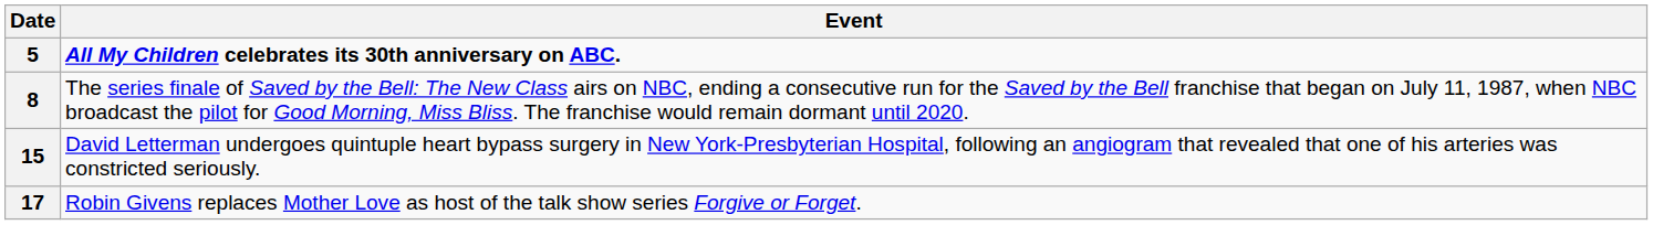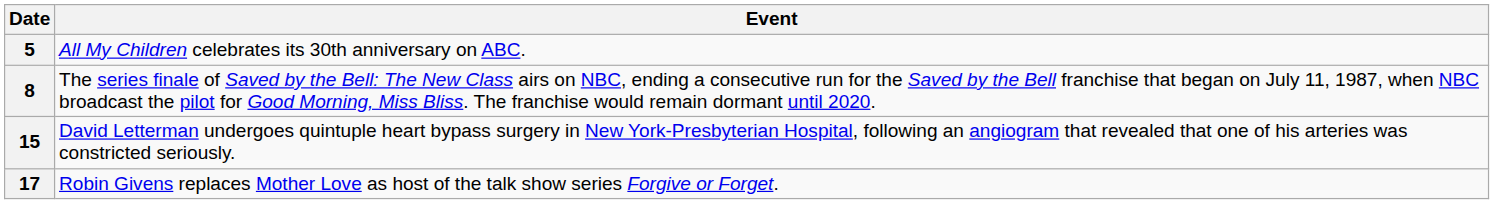 <table class="wikitable">
 <tr>
 <th>Date</th>
 <th>Event</th>
 </tr>
 <tr>
 <th>5</th>
-<td><strong><em><a href='#'>All My Children</a></em> celebrates its 30th anniversary on <a href='#'>ABC</a>.</strong></td>
+<td><em><a href='#'>All My Children</a></em> celebrates its 30th anniversary on <a href='#'>ABC</a>.</td>
 </tr>
 <tr>
 <th>8</th>
 <td>The <a href='#'>series finale</a> of <em><a href='#'>Saved by the Bell: The New Class</a></em> airs on <a href='#'>NBC</a>, ending a consecutive run for the <em><a href='#'>Saved by the Bell</a></em> franchise that began on July 11, 1987, when <a href='#'>NBC</a> broadcast the <a href='#'>pilot</a> for <em><a href='#'>Good Morning, Miss Bliss</a></em>. The franchise would remain dormant <a href='#'>until 2020</a>.</td>
 </tr>
 <tr>
 <th>15</th>
 <td><a href='#'>David Letterman</a> undergoes quintuple heart bypass surgery in <a href='#'>New York-Presbyterian Hospital</a>, following an <a href='#'>angiogram</a> that revealed that one of his arteries was constricted seriously.</td>
 </tr>
 <tr>
 <th>17</th>
 <td><a href='#'>Robin Givens</a> replaces <a href='#'>Mother Love</a> as host of the talk show series <em><a href='#'>Forgive or Forget</a></em>.</td>
 </tr>
 </table>
